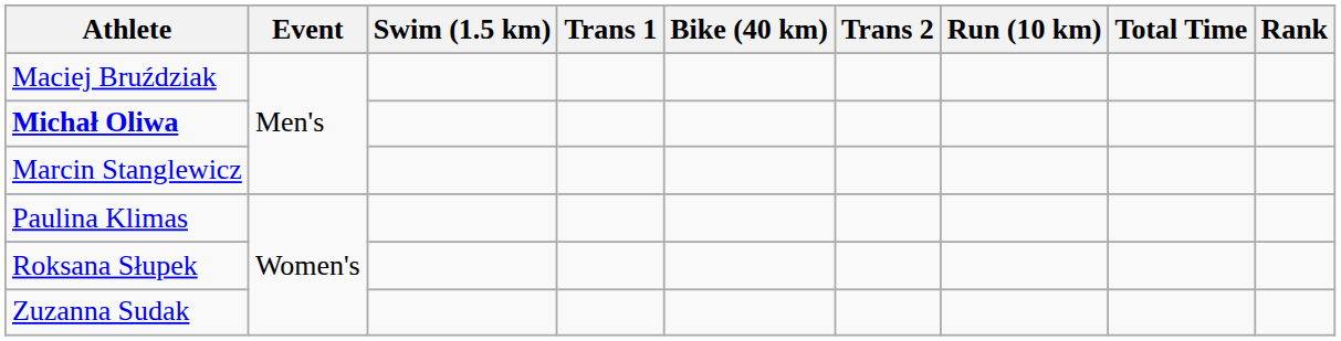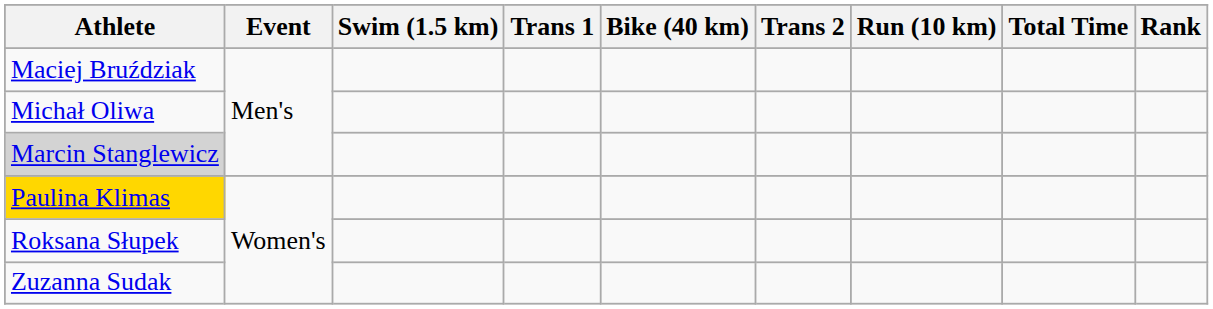 <table class="wikitable" style="font-size:90%">
 <tr>
 <th>Athlete</th>
 <th>Event</th>
 <th>Swim (1.5 km)</th>
 <th>Trans 1</th>
 <th>Bike (40 km)</th>
 <th>Trans 2</th>
 <th>Run (10 km)</th>
 <th>Total Time</th>
 <th>Rank</th>
 </tr>
 <tr align=center>
 <td align=left><a href='#'>Maciej Bruździak</a></td>
 <td align=left rowspan=3>Men's</td>
 <td></td>
 <td></td>
 <td></td>
 <td></td>
 <td></td>
 <td></td>
 <td></td>
 </tr>
 <tr align=center>
-<td align=left><strong><a href='#'>Michał Oliwa</a></strong></td>
+<td align=left><a href='#'>Michał Oliwa</a></td>
 <td></td>
 <td></td>
 <td></td>
 <td></td>
 <td></td>
 <td></td>
 <td></td>
 </tr>
 <tr align=center>
-<td align=left><a href='#'>Marcin Stanglewicz</a></td>
+<td align=left style="background: lightgrey;"><a href='#'>Marcin Stanglewicz</a></td>
 <td></td>
 <td></td>
 <td></td>
 <td></td>
 <td></td>
 <td></td>
 <td></td>
 </tr>
 <tr align=center>
-<td align=left><a href='#'>Paulina Klimas</a></td>
+<td align=left style="background: gold;"><a href='#'>Paulina Klimas</a></td>
 <td align=left rowspan=6>Women's</td>
 <td></td>
 <td></td>
 <td></td>
 <td></td>
 <td></td>
 <td></td>
 <td></td>
 </tr>
 <tr align=center>
 <td align=left><a href='#'>Roksana Słupek</a></td>
 <td></td>
 <td></td>
 <td></td>
 <td></td>
 <td></td>
 <td></td>
 <td></td>
 </tr>
 <tr align=center>
 <td align=left><a href='#'>Zuzanna Sudak</a></td>
 <td></td>
 <td></td>
 <td></td>
 <td></td>
 <td></td>
 <td></td>
 <td></td>
 </tr>
 </table>
